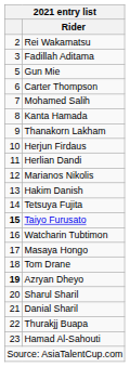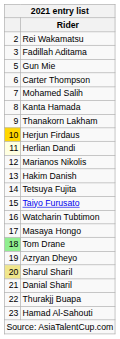 <table class="wikitable" style="font-size: 85%">
 <tr>
 <th colspan=3>2021 entry list</th>
 </tr>
 <tr>
 <th></th>
 <th>Rider</th>
 </tr>
 <tr>
 <td align=right>2</td>
 <td> Rei Wakamatsu</td>
 </tr>
 <tr>
 <td align=right>3</td>
 <td> Fadillah Aditama</td>
 </tr>
 <tr>
 <td align=right>5</td>
 <td> Gun Mie</td>
 </tr>
 <tr>
 <td align=right>6</td>
 <td> Carter Thompson</td>
 </tr>
 <tr>
 <td align=right>7</td>
 <td> Mohamed Salih</td>
 </tr>
 <tr>
 <td align=right>8</td>
 <td> Kanta Hamada</td>
 </tr>
 <tr>
 <td align=right>9</td>
 <td> Thanakorn Lakham</td>
 </tr>
 <tr>
-<td align=right>10</td>
+<td align=right style="background: gold;">10</td>
 <td> Herjun Firdaus</td>
 </tr>
 <tr>
-<td align=right>11</td>
+<td align=right style="background: lightyellow;">11</td>
 <td> Herlian Dandi</td>
 </tr>
 <tr>
 <td align=right>12</td>
 <td> Marianos Nikolis</td>
 </tr>
 <tr>
 <td align=right>13</td>
 <td> Hakim Danish</td>
 </tr>
 <tr>
 <td align=right>14</td>
 <td> Tetsuya Fujita</td>
 </tr>
 <tr>
-<td align=right><strong>15</strong></td>
+<td align=right>15</td>
 <td> <a href='#'>Taiyo Furusato</a></td>
 </tr>
 <tr>
 <td align=right>16</td>
 <td> Watcharin Tubtimon</td>
 </tr>
 <tr>
 <td align=right>17</td>
 <td> Masaya Hongo</td>
 </tr>
 <tr>
-<td align=right>18</td>
+<td align=right style="background: lightgreen;">18</td>
 <td> Tom Drane</td>
 </tr>
 <tr>
-<td align=right><strong>19</strong></td>
+<td align=right>19</td>
 <td> Azryan Dheyo</td>
 </tr>
 <tr>
-<td align=right>20</td>
+<td align=right style="background: khaki;">20</td>
 <td> Sharul Sharil</td>
 </tr>
 <tr>
 <td align=right>21</td>
 <td> Danial Sharil</td>
 </tr>
 <tr>
 <td align=right>22</td>
 <td> Thurakjj Buapa</td>
 </tr>
 <tr>
 <td align=right>23</td>
 <td> Hamad Al-Sahouti</td>
 </tr>
 <tr>
 <td colspan="7" align="center">Source: AsiaTalentCup.com</td>
 </tr>
 </table>
